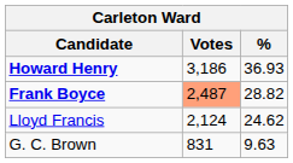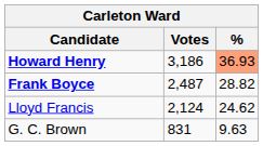 <table class="wikitable">
 <tr>
 <th colspan="3">Carleton Ward</th>
 </tr>
 <tr>
 <th style="width: 170px">Candidate</th>
 <th style="width: 50px">Votes</th>
 <th style="width: 40px">%</th>
 </tr>
 <tr>
 <td><strong><a href='#'>Howard Henry</a></strong></td>
 <td>3,186</td>
-<td>36.93</td>
+<td style="background: lightsalmon;">36.93</td>
 </tr>
 <tr>
 <td><strong><a href='#'>Frank Boyce</a></strong></td>
-<td style="background: lightsalmon;">2,487</td>
+<td>2,487</td>
 <td>28.82</td>
 </tr>
 <tr>
 <td><a href='#'>Lloyd Francis</a></td>
 <td>2,124</td>
 <td>24.62</td>
 </tr>
 <tr>
 <td>G. C. Brown</td>
 <td>831</td>
 <td>9.63</td>
 </tr>
 </table>
